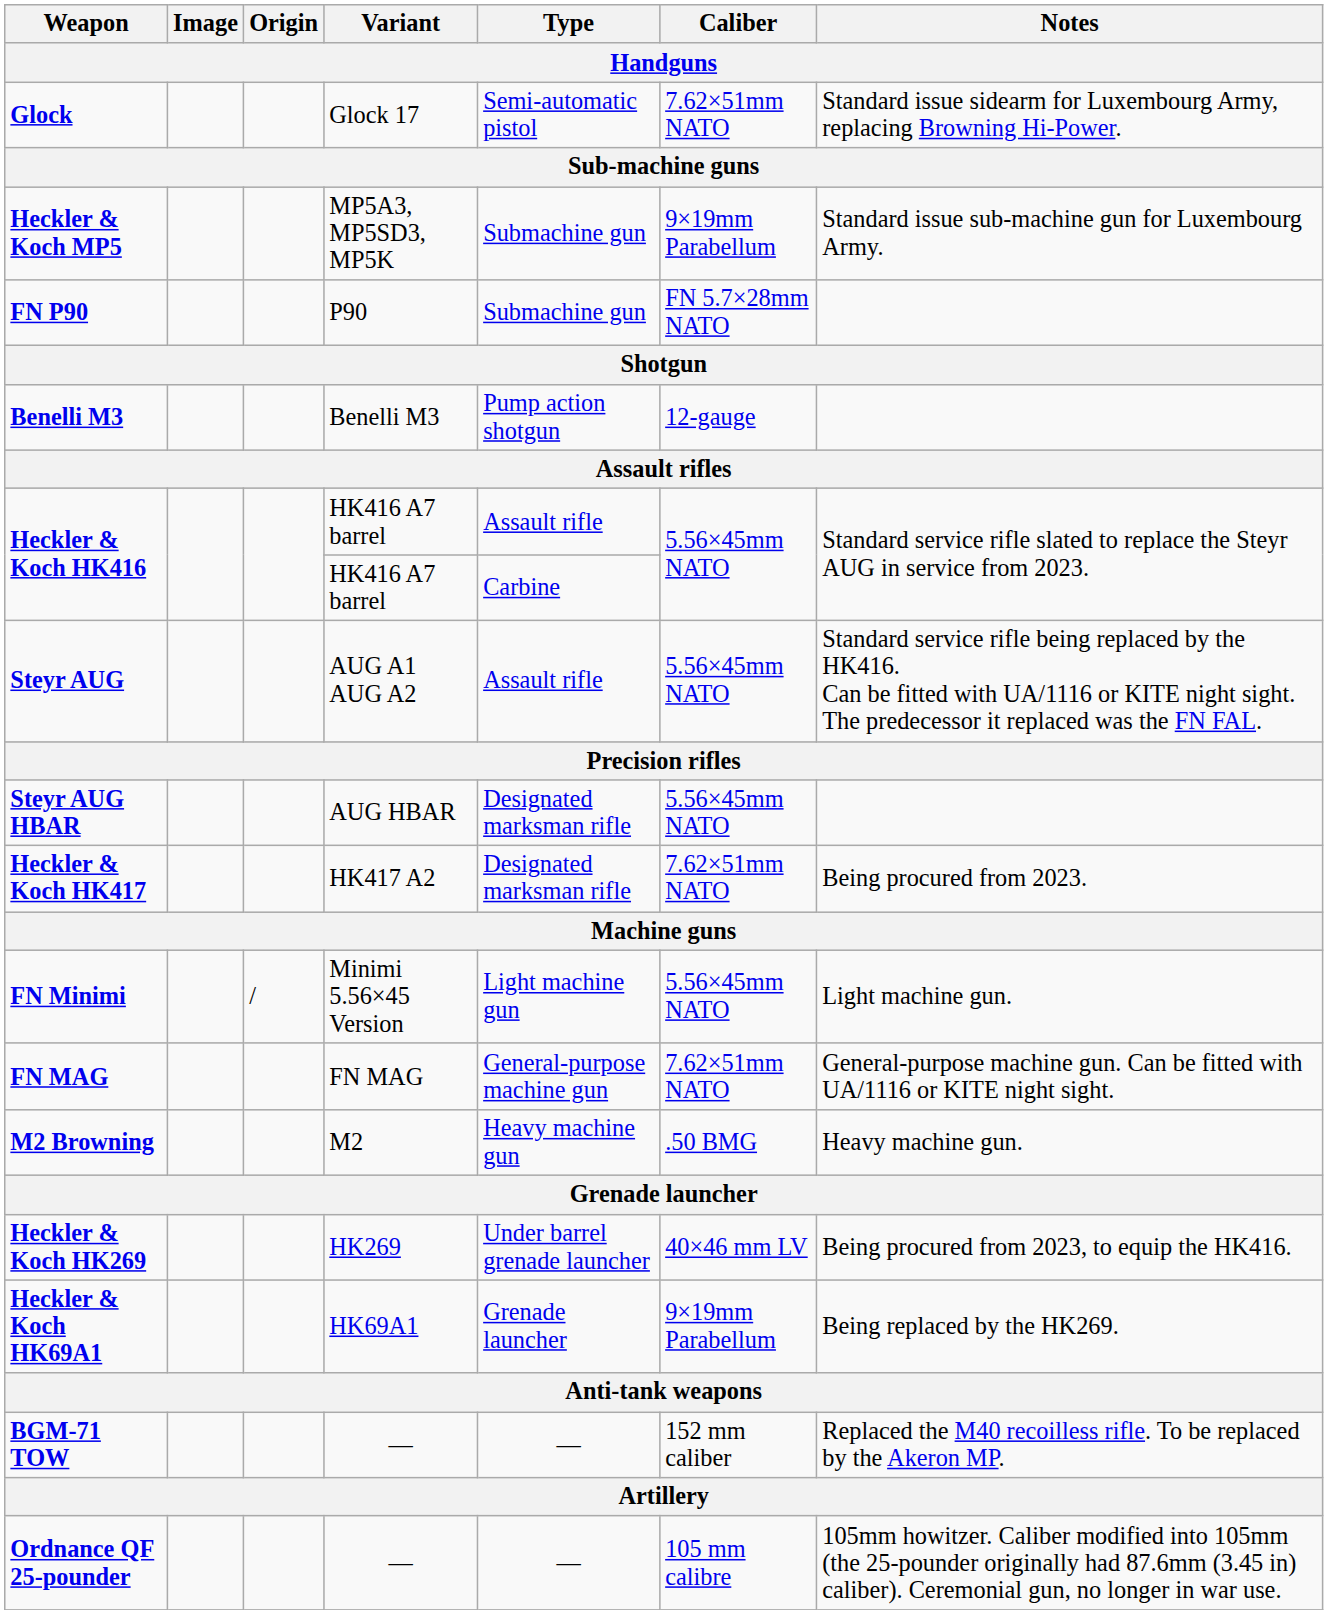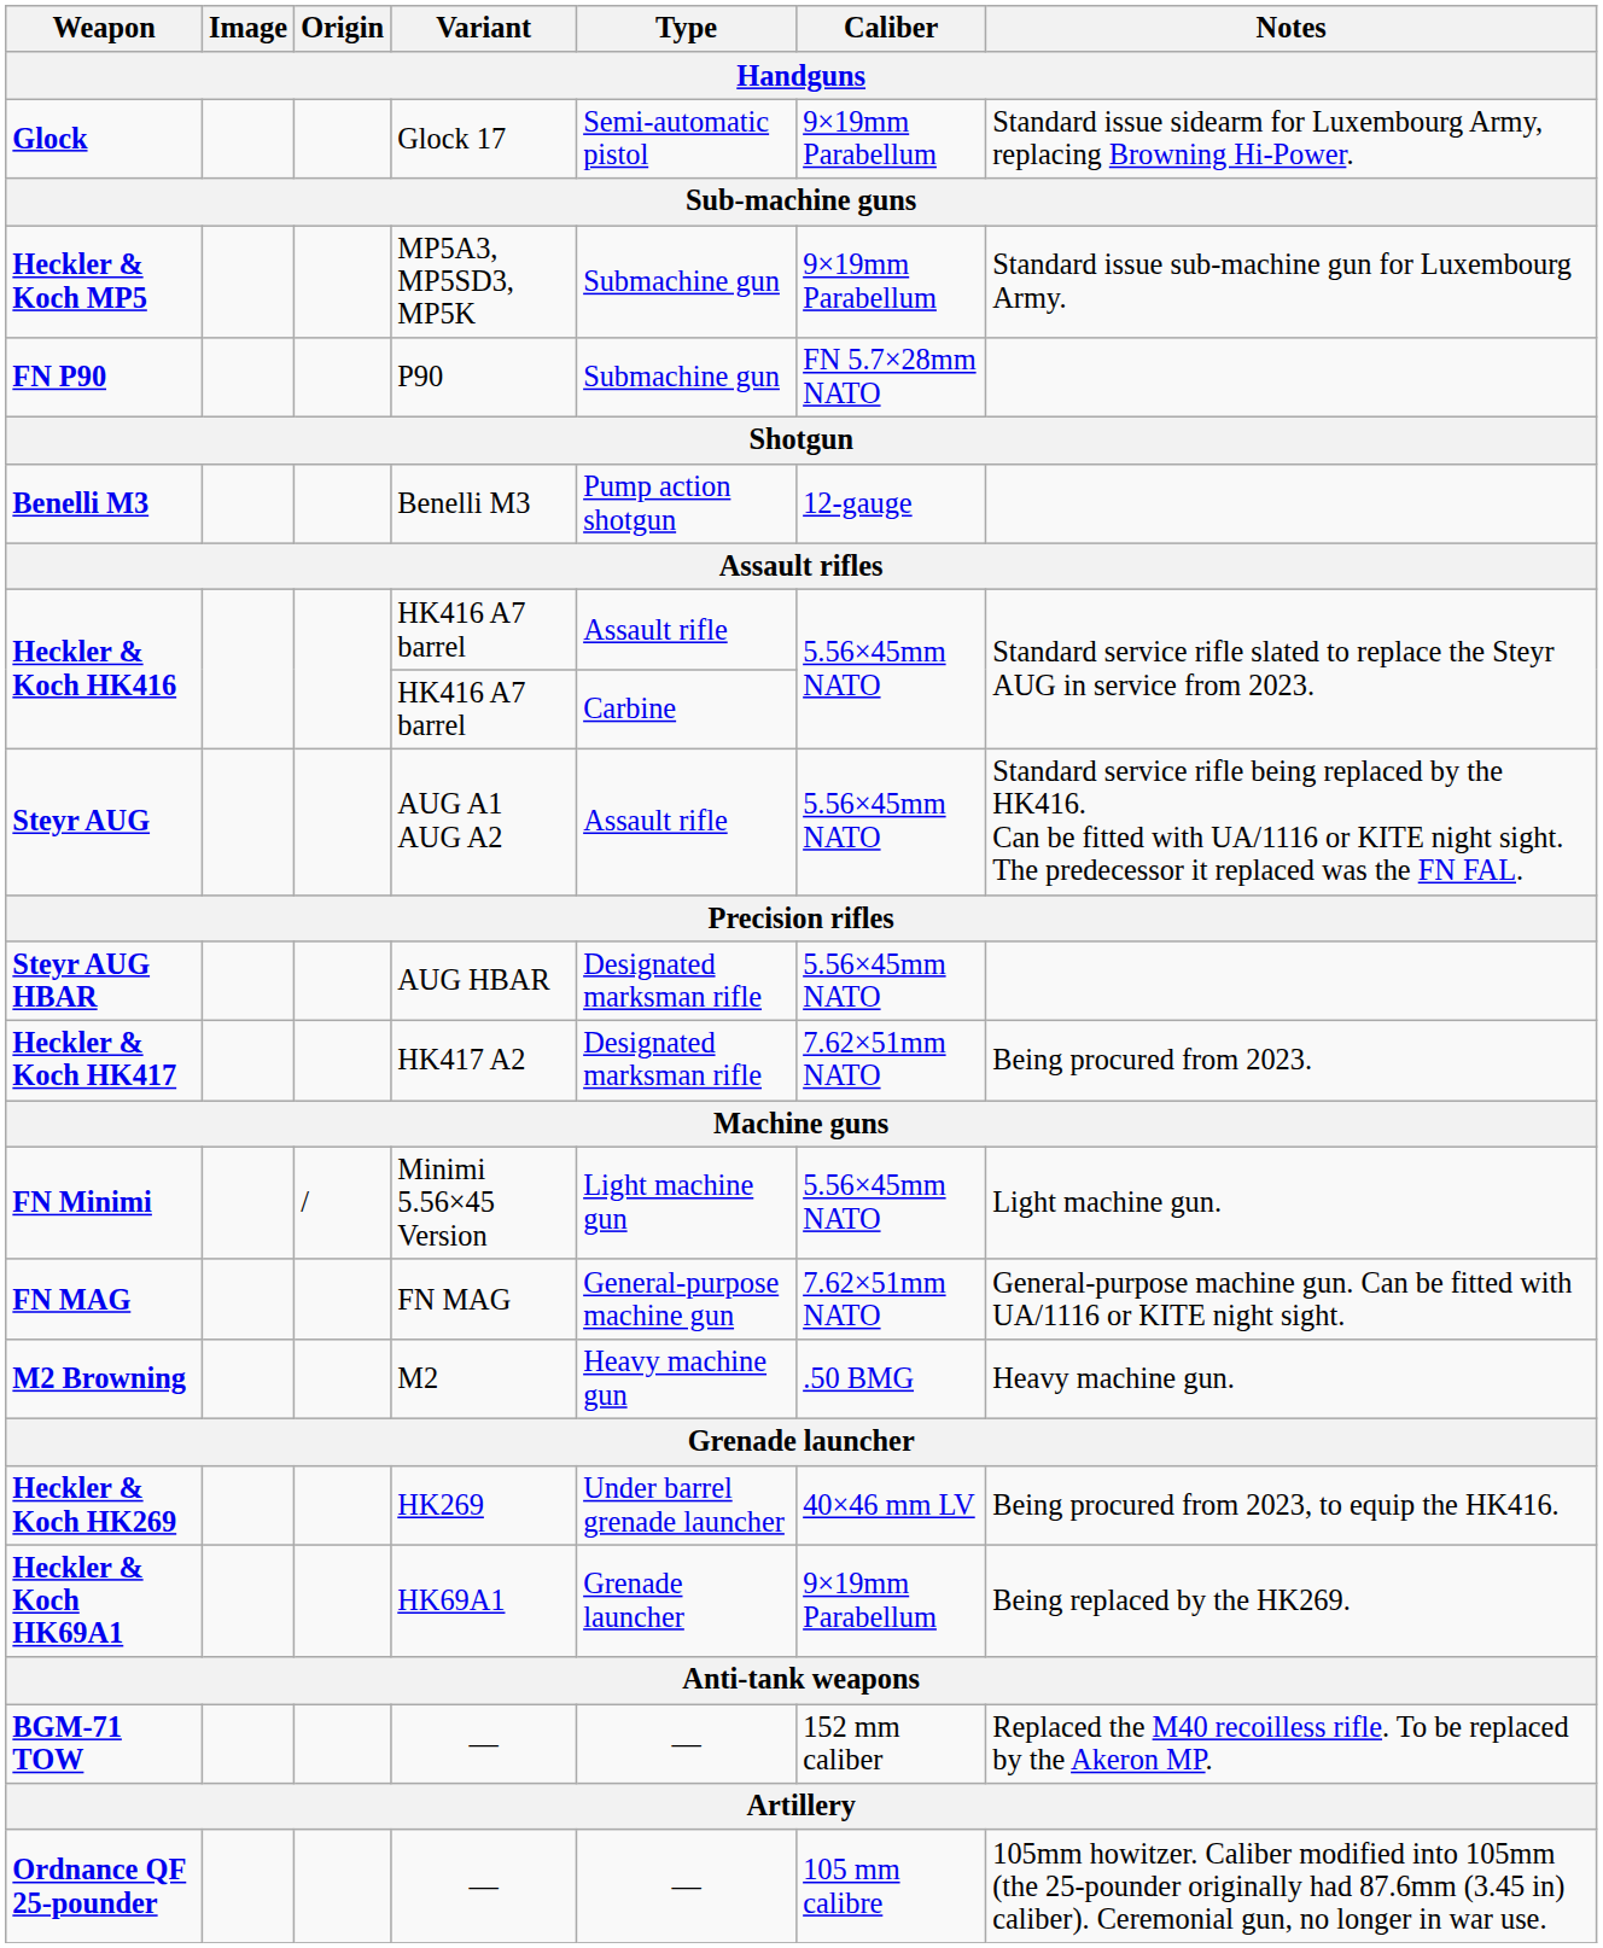 <table class="wikitable">
 <tr>
 <th>Weapon</th>
 <th>Image</th>
 <th>Origin</th>
 <th>Variant</th>
 <th>Type</th>
 <th>Caliber</th>
 <th>Notes</th>
 </tr>
 <tr>
 <th colspan="7"><a href='#'>Handguns</a></th>
 </tr>
 <tr>
 <td><strong><a href='#'>Glock</a></strong></td>
 <td></td>
 <td></td>
 <td>Glock 17</td>
 <td><a href='#'>Semi-automatic pistol</a></td>
-<td><a href='#'>7.62×51mm NATO</a></td>
+<td><a href='#'>9×19mm Parabellum</a></td>
 <td>Standard issue sidearm for Luxembourg Army, replacing <a href='#'>Browning Hi-Power</a>.</td>
 </tr>
 <tr>
 <th colspan="7">Sub-machine guns</th>
 </tr>
 <tr>
 <td><strong><a href='#'>Heckler & Koch MP5</a></strong></td>
 <td></td>
 <td></td>
 <td>MP5A3, MP5SD3, MP5K</td>
 <td><a href='#'>Submachine gun</a></td>
 <td><a href='#'>9×19mm Parabellum</a></td>
 <td>Standard issue sub-machine gun for Luxembourg Army.</td>
 </tr>
 <tr>
 <td><strong><a href='#'>FN P90</a></strong></td>
 <td></td>
 <td></td>
 <td>P90</td>
 <td><a href='#'>Submachine gun</a></td>
 <td><a href='#'>FN 5.7×28mm NATO</a></td>
 <td></td>
 </tr>
 <tr>
 <th colspan="7">Shotgun</th>
 </tr>
 <tr>
 <td><strong><a href='#'>Benelli M3</a></strong></td>
 <td></td>
 <td></td>
 <td>Benelli M3</td>
 <td><a href='#'>Pump action</a> <a href='#'>shotgun</a></td>
 <td><a href='#'>12-gauge</a></td>
 <td></td>
 </tr>
 <tr>
 <th colspan="7">Assault rifles</th>
 </tr>
 <tr>
 <td rowspan="2"><strong><a href='#'>Heckler & Koch HK416</a></strong></td>
 <td rowspan="2"></td>
 <td rowspan="2"></td>
 <td>HK416 A7<br> barrel</td>
 <td><a href='#'>Assault rifle</a></td>
 <td rowspan="2"><a href='#'>5.56×45mm NATO</a></td>
 <td rowspan="2">Standard service rifle slated to replace the Steyr AUG in service from 2023.</td>
 </tr>
 <tr>
 <td>HK416 A7<br> barrel</td>
 <td><a href='#'>Carbine</a></td>
 </tr>
 <tr>
 <td><strong><a href='#'>Steyr AUG</a></strong></td>
 <td></td>
 <td></td>
 <td>AUG A1<br>AUG A2</td>
 <td><a href='#'>Assault rifle</a></td>
 <td><a href='#'>5.56×45mm NATO</a></td>
 <td>Standard service rifle being replaced by the HK416.<br>Can be fitted with UA/1116 or KITE night sight.  The predecessor it replaced was the <a href='#'>FN FAL</a>.</td>
 </tr>
 <tr>
 <th colspan="7">Precision rifles</th>
 </tr>
 <tr>
 <td><a href='#'><strong>Steyr AUG HBAR</strong></a></td>
 <td></td>
 <td></td>
 <td>AUG HBAR</td>
 <td><a href='#'>Designated marksman rifle</a></td>
 <td><a href='#'>5.56×45mm NATO</a></td>
 <td></td>
 </tr>
 <tr>
 <td><strong><a href='#'>Heckler & Koch HK417</a></strong></td>
 <td></td>
 <td></td>
 <td>HK417 A2</td>
 <td><a href='#'>Designated marksman rifle</a></td>
 <td><a href='#'>7.62×51mm NATO</a></td>
 <td>Being procured from 2023.</td>
 </tr>
 <tr>
 <th colspan="7">Machine guns</th>
 </tr>
 <tr>
 <td><strong><a href='#'>FN Minimi</a></strong></td>
 <td></td>
 <td> /<br></td>
 <td>Minimi 5.56×45 Version</td>
 <td><a href='#'>Light machine gun</a></td>
 <td><a href='#'>5.56×45mm NATO</a></td>
 <td>Light machine gun.</td>
 </tr>
 <tr>
 <td><strong><a href='#'>FN MAG</a></strong></td>
 <td></td>
 <td></td>
 <td>FN MAG</td>
 <td><a href='#'>General-purpose machine gun</a></td>
 <td><a href='#'>7.62×51mm NATO</a></td>
 <td>General-purpose machine gun. Can be fitted with UA/1116 or KITE night sight.</td>
 </tr>
 <tr>
 <td><strong><a href='#'>M2 Browning</a></strong></td>
 <td></td>
 <td></td>
 <td>M2</td>
 <td><a href='#'>Heavy machine gun</a></td>
 <td><a href='#'>.50 BMG</a></td>
 <td>Heavy machine gun.</td>
 </tr>
 <tr>
 <th colspan="7">Grenade launcher</th>
 </tr>
 <tr>
 <td><a href='#'><strong>Heckler & Koch HK269</strong></a></td>
 <td></td>
 <td></td>
 <td><a href='#'>HK269</a></td>
 <td><a href='#'>Under barrel grenade launcher</a></td>
 <td><a href='#'>40×46 mm LV</a></td>
 <td>Being procured from 2023, to equip the HK416.</td>
 </tr>
 <tr>
 <td><strong><a href='#'>Heckler & Koch HK69A1</a></strong></td>
 <td></td>
 <td></td>
 <td><a href='#'>HK69A1</a></td>
 <td><a href='#'>Grenade launcher</a></td>
 <td><a href='#'>9×19mm Parabellum</a></td>
 <td>Being replaced by the HK269.</td>
 </tr>
 <tr>
 <th colspan="7">Anti-tank weapons</th>
 </tr>
 <tr>
 <td><strong><a href='#'>BGM-71 TOW</a></strong></td>
 <td></td>
 <td></td>
 <td style="text-align:center;">—</td>
 <td style="text-align:center;">—</td>
 <td>152 mm caliber</td>
 <td>Replaced the <a href='#'>M40 recoilless rifle</a>. To be replaced by the <a href='#'>Akeron MP</a>.</td>
 </tr>
 <tr>
 <th colspan="7">Artillery</th>
 </tr>
 <tr>
 <td><strong><a href='#'>Ordnance QF 25-pounder</a></strong></td>
 <td></td>
 <td></td>
 <td style="text-align:center;">—</td>
 <td style="text-align:center;">—</td>
 <td><a href='#'>105 mm calibre</a></td>
 <td>105mm howitzer. Caliber modified into 105mm (the 25-pounder originally had 87.6mm (3.45 in) caliber). Ceremonial gun, no longer in war use.</td>
 </tr>
 </table>
